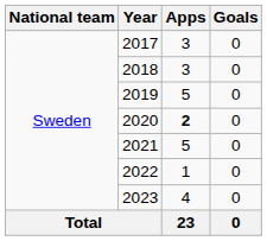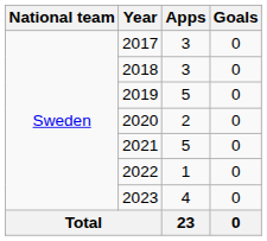 <table class="wikitable" style="text-align: center;">
 <tr>
 <th>National team</th>
 <th>Year</th>
 <th>Apps</th>
 <th>Goals</th>
 </tr>
 <tr>
 <td rowspan="7"><a href='#'>Sweden</a></td>
 <td>2017</td>
 <td>3</td>
 <td>0</td>
 </tr>
 <tr>
 <td>2018</td>
 <td>3</td>
 <td>0</td>
 </tr>
 <tr>
 <td>2019</td>
 <td>5</td>
 <td>0</td>
 </tr>
 <tr>
 <td>2020</td>
-<td><strong>2</strong></td>
+<td>2</td>
 <td>0</td>
 </tr>
 <tr>
 <td>2021</td>
 <td>5</td>
 <td>0</td>
 </tr>
 <tr>
 <td>2022</td>
 <td>1</td>
 <td>0</td>
 </tr>
 <tr>
 <td>2023</td>
 <td>4</td>
 <td>0</td>
 </tr>
 <tr>
 <th colspan="2">Total</th>
 <th>23</th>
 <th>0</th>
 </tr>
 </table>
